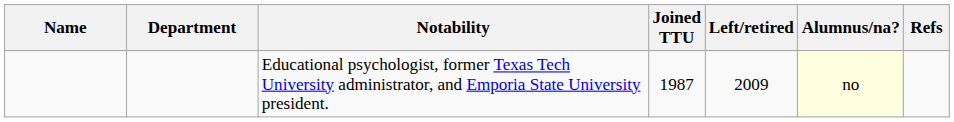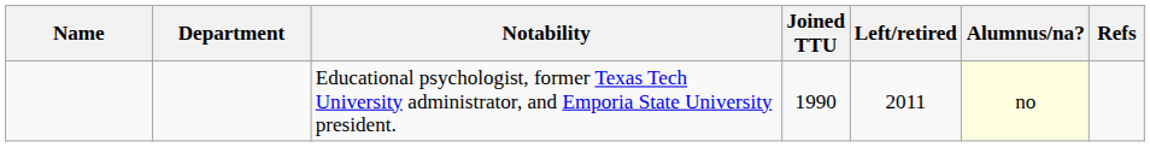 <table class="wikitable sortable" style="width:100%">
 <tr>
 <th width="15%">Name</th>
 <th width="15%">Department</th>
 <th width="50%">Notability</th>
 <th width="*">Joined TTU</th>
 <th width="*">Left/retired</th>
 <th width="*">Alumnus/na?</th>
 <th width="5%" class="unsortable">Refs</th>
 </tr>
 <tr>
 <td></td>
 <td></td>
 <td>Educational psychologist, former <a href='#'>Texas Tech University</a> administrator, and <a href='#'>Emporia State University</a> president.</td>
-<td align="center">1987</td>
-<td align="center">2009</td>
+<td align="center">1990</td>
+<td align="center">2011</td>
 <td align="center" style="background: lightyellow;">no</td>
 <td align="center"></td>
 </tr>
 </table>
